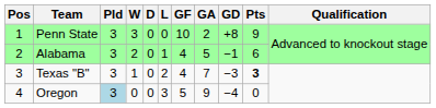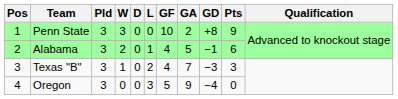 <table class="wikitable" style="text-align:center">
 <tr>
 <th>Pos</th>
 <th>Team</th>
 <th>Pld</th>
 <th>W</th>
 <th>D</th>
 <th>L</th>
 <th>GF</th>
 <th>GA</th>
 <th>GD</th>
 <th>Pts</th>
 <th>Qualification</th>
 </tr>
 <tr bgcolor="#9eff9e">
 <td>1</td>
 <td style="text-align:left">Penn State</td>
 <td>3</td>
 <td>3</td>
 <td>0</td>
 <td>0</td>
 <td>10</td>
 <td>2</td>
 <td>+8</td>
 <td>9</td>
 <td rowspan="2">Advanced to knockout stage</td>
 </tr>
 <tr bgcolor="#9eff9e">
 <td>2</td>
 <td style="text-align:left">Alabama</td>
 <td>3</td>
 <td>2</td>
 <td>0</td>
 <td>1</td>
 <td>4</td>
 <td>5</td>
 <td>−1</td>
 <td>6</td>
 </tr>
 <tr>
 <td>3</td>
 <td style="text-align:left">Texas "B"</td>
 <td>3</td>
 <td>1</td>
 <td>0</td>
 <td>2</td>
 <td>4</td>
 <td>7</td>
 <td>−3</td>
-<td><strong>3</strong></td>
+<td>3</td>
 <td rowspan="2"></td>
 </tr>
 <tr>
 <td>4</td>
 <td style="text-align:left">Oregon</td>
-<td style="background: lightblue;">3</td>
+<td>3</td>
 <td>0</td>
 <td>0</td>
 <td>3</td>
 <td>5</td>
 <td>9</td>
 <td>−4</td>
 <td>0</td>
 </tr>
 </table>
